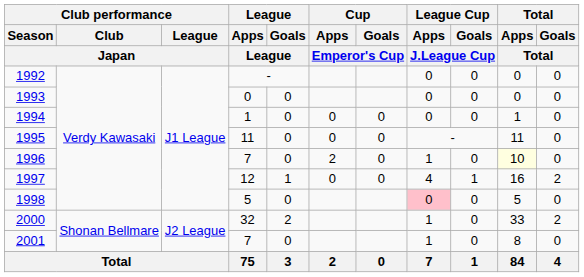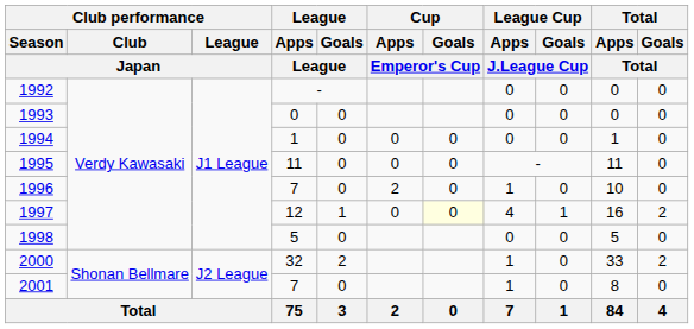 <table class="wikitable" style="text-align:center;">
 <tr>
 <th colspan=3>Club performance</th>
 <th colspan=2>League</th>
 <th colspan=2>Cup</th>
 <th colspan=2>League Cup</th>
 <th colspan=2>Total</th>
 </tr>
 <tr>
 <th>Season</th>
 <th>Club</th>
 <th>League</th>
 <th>Apps</th>
 <th>Goals</th>
 <th>Apps</th>
 <th>Goals</th>
 <th>Apps</th>
 <th>Goals</th>
 <th>Apps</th>
 <th>Goals</th>
 </tr>
 <tr>
 <th colspan=3>Japan</th>
 <th colspan=2>League</th>
 <th colspan=2><a href='#'>Emperor's Cup</a></th>
 <th colspan=2><a href='#'>J.League Cup</a></th>
 <th colspan=2>Total</th>
 </tr>
 <tr>
 <td><a href='#'>1992</a></td>
 <td rowspan="7"><a href='#'>Verdy Kawasaki</a></td>
 <td rowspan="7"><a href='#'>J1 League</a></td>
 <td colspan="2">-</td>
 <td></td>
 <td></td>
 <td>0</td>
 <td>0</td>
 <td>0</td>
 <td>0</td>
 </tr>
 <tr>
 <td><a href='#'>1993</a></td>
 <td>0</td>
 <td>0</td>
 <td></td>
 <td></td>
 <td>0</td>
 <td>0</td>
 <td>0</td>
 <td>0</td>
 </tr>
 <tr>
 <td><a href='#'>1994</a></td>
 <td>1</td>
 <td>0</td>
 <td>0</td>
 <td>0</td>
 <td>0</td>
 <td>0</td>
 <td>1</td>
 <td>0</td>
 </tr>
 <tr>
 <td><a href='#'>1995</a></td>
 <td>11</td>
 <td>0</td>
 <td>0</td>
 <td>0</td>
 <td colspan="2">-</td>
 <td>11</td>
 <td>0</td>
 </tr>
 <tr>
 <td><a href='#'>1996</a></td>
 <td>7</td>
 <td>0</td>
 <td>2</td>
 <td>0</td>
 <td>1</td>
 <td>0</td>
-<td style="background: lightyellow;">10</td>
+<td>10</td>
 <td>0</td>
 </tr>
 <tr>
 <td><a href='#'>1997</a></td>
 <td>12</td>
 <td>1</td>
 <td>0</td>
-<td>0</td>
+<td style="background: lightyellow;">0</td>
 <td>4</td>
 <td>1</td>
 <td>16</td>
 <td>2</td>
 </tr>
 <tr>
 <td><a href='#'>1998</a></td>
 <td>5</td>
 <td>0</td>
 <td></td>
 <td></td>
-<td style="background: pink;">0</td>
+<td>0</td>
 <td>0</td>
 <td>5</td>
 <td>0</td>
 </tr>
 <tr>
 <td><a href='#'>2000</a></td>
 <td rowspan="2"><a href='#'>Shonan Bellmare</a></td>
 <td rowspan="2"><a href='#'>J2 League</a></td>
 <td>32</td>
 <td>2</td>
 <td></td>
 <td></td>
 <td>1</td>
 <td>0</td>
 <td>33</td>
 <td>2</td>
 </tr>
 <tr>
 <td><a href='#'>2001</a></td>
 <td>7</td>
 <td>0</td>
 <td></td>
 <td></td>
 <td>1</td>
 <td>0</td>
 <td>8</td>
 <td>0</td>
 </tr>
 <tr>
 <th colspan=3>Total</th>
 <th>75</th>
 <th>3</th>
 <th>2</th>
 <th>0</th>
 <th>7</th>
 <th>1</th>
 <th>84</th>
 <th>4</th>
 </tr>
 </table>
